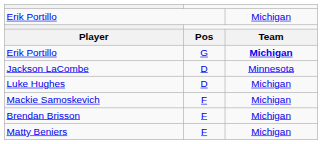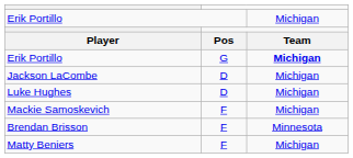 <table class="wikitable" width=40%>
 <tr>
 <th><a href='#'></a></th>
 </tr>
 <tr>
 <td colspan=2><a href='#'>Erik Portillo</a></td>
 <td align=center><a href='#'>Michigan</a></td>
 </tr>
 <tr>
 <th><a href='#'></a></th>
 </tr>
 <tr>
 <th>Player</th>
 <th>Pos</th>
 <th>Team</th>
 </tr>
 <tr>
 <td><a href='#'>Erik Portillo</a></td>
 <td align=center><a href='#'>G</a></td>
 <td align=center><strong><a href='#'>Michigan</a></strong></td>
 </tr>
 <tr>
 <td><a href='#'>Jackson LaCombe</a></td>
 <td align=center><a href='#'>D</a></td>
-<td align=center><a href='#'>Minnesota</a></td>
+<td align=center><a href='#'>Michigan</a></td>
 </tr>
 <tr>
 <td><a href='#'>Luke Hughes</a></td>
 <td align=center><a href='#'>D</a></td>
 <td align=center><a href='#'>Michigan</a></td>
 </tr>
 <tr>
 <td><a href='#'>Mackie Samoskevich</a></td>
 <td align=center><a href='#'>F</a></td>
 <td align=center><a href='#'>Michigan</a></td>
 </tr>
 <tr>
 <td><a href='#'>Brendan Brisson</a></td>
 <td align=center><a href='#'>F</a></td>
-<td align=center><a href='#'>Michigan</a></td>
+<td align=center><a href='#'>Minnesota</a></td>
 </tr>
 <tr>
 <td><a href='#'>Matty Beniers</a></td>
 <td align=center><a href='#'>F</a></td>
 <td align=center><a href='#'>Michigan</a></td>
 </tr>
 </table>
